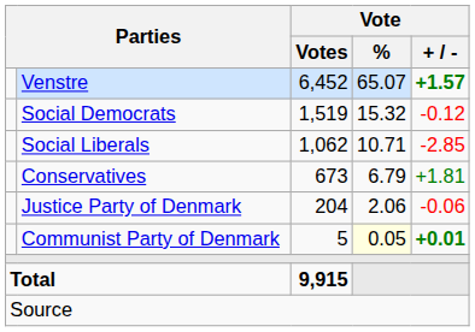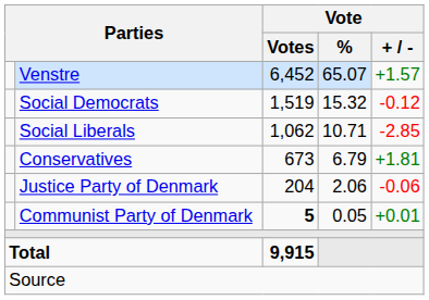 <table class="wikitable" style="text-align:right;">
 <tr>
 <th style="text-align:centre;" rowspan="2" colspan="2" width="225">Parties</th>
 <th colspan="3">Vote</th>
 </tr>
 <tr>
 <th width="15">Votes</th>
 <th width="15">%</th>
 <th width="15">+ / -</th>
 </tr>
 <tr>
 <td width="2" style="color:inherit;background:"></td>
 <td bgcolor=#cfe5fe  align="left"><a href='#'>Venstre</a></td>
 <td bgcolor=#cfe5fe>6,452</td>
 <td bgcolor=#cfe5fe>65.07</td>
-<td style=color:green;><strong>+1.57</strong></td>
+<td style=color:green;>+1.57</td>
 </tr>
 <tr>
 <td width="2" style="color:inherit;background:"></td>
 <td align="left"><a href='#'>Social Democrats</a></td>
 <td>1,519</td>
 <td>15.32</td>
 <td style=color:red;>-0.12</td>
 </tr>
 <tr>
 <td width="2" style="color:inherit;background:"></td>
 <td align="left"><a href='#'>Social Liberals</a></td>
 <td>1,062</td>
 <td>10.71</td>
 <td style=color:red;>-2.85</td>
 </tr>
 <tr>
 <td width="2" style="color:inherit;background:"></td>
 <td align="left"><a href='#'>Conservatives</a></td>
 <td>673</td>
 <td>6.79</td>
 <td style=color:green;>+1.81</td>
 </tr>
 <tr>
 <td width="2" style="color:inherit;background:"></td>
 <td align="left"><a href='#'>Justice Party of Denmark</a></td>
 <td>204</td>
 <td>2.06</td>
 <td style=color:red;>-0.06</td>
 </tr>
 <tr>
 <td width="2" style="color:inherit;background:"></td>
 <td align="left"><a href='#'>Communist Party of Denmark</a></td>
-<td>5</td>
-<td style="background: lightyellow;">0.05</td>
-<td style=color:green;><strong>+0.01</strong></td>
+<td><strong>5</strong></td>
+<td>0.05</td>
+<td style=color:green;>+0.01</td>
 </tr>
 <tr>
 <td colspan="7" bgcolor="#E9E9E9"></td>
 </tr>
 <tr>
 <td align="left" colspan="2"><strong>Total</strong></td>
 <td><strong>9,915</strong></td>
 <td bgcolor="#E9E9E9" colspan="2"></td>
 </tr>
 <tr>
 <td align="left" colspan="6">Source</td>
 </tr>
 </table>
